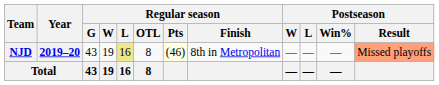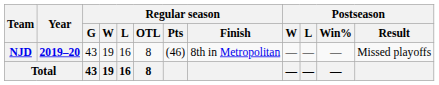 <table class="wikitable" style="font-size:95%; text-align:center;">
 <tr>
 <th rowspan="2">Team</th>
 <th rowspan="2">Year</th>
 <th colspan="6">Regular season</th>
 <th colspan="4">Postseason</th>
 </tr>
 <tr>
 <th>G</th>
 <th>W</th>
 <th>L</th>
 <th>OTL</th>
 <th>Pts</th>
 <th>Finish</th>
 <th>W</th>
 <th>L</th>
 <th>Win%</th>
 <th>Result</th>
 </tr>
 <tr>
 <th><a href='#'>NJD</a></th>
 <th><a href='#'>2019–20</a></th>
 <td>43</td>
 <td>19</td>
-<td style="background: khaki;">16</td>
+<td>16</td>
 <td>8</td>
-<td style="background: lightyellow;">(46)</td>
+<td>(46)</td>
 <td>8th in <a href='#'>Metropolitan</a></td>
 <td>—</td>
 <td>—</td>
 <td>—</td>
-<td style="background: lightsalmon;">Missed playoffs</td>
+<td>Missed playoffs</td>
 </tr>
 <tr>
 <th colspan="2">Total</th>
 <th>43</th>
 <th>19</th>
 <th>16</th>
 <th>8</th>
 <th> </th>
 <th> </th>
 <th>—</th>
 <th>—</th>
 <th>—</th>
 <th> </th>
 </tr>
 </table>
